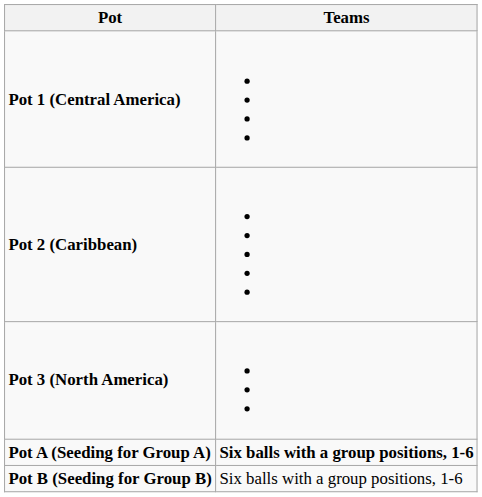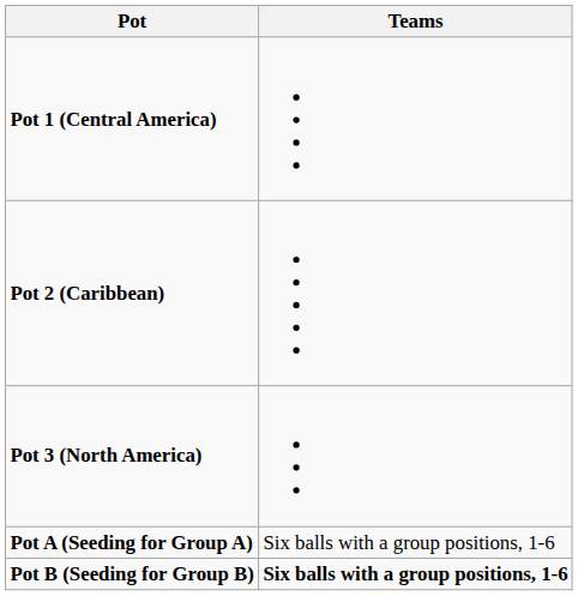 <table class="wikitable">
 <tr>
 <th>Pot</th>
 <th>Teams</th>
 </tr>
 <tr>
 <td><strong>Pot 1 (Central America)</strong></td>
 <td><br><ul><li></li><li></li><li></li><li></li></ul></td>
 </tr>
 <tr>
 <td><strong>Pot 2 (Caribbean)</strong></td>
 <td><br><ul><li></li><li></li><li></li><li></li><li></li></ul></td>
 </tr>
 <tr>
 <td><strong>Pot 3 (North America)</strong></td>
 <td><br><ul><li></li><li></li><li></li></ul></td>
 </tr>
 <tr>
 <td><strong>Pot A (Seeding for Group A)</strong></td>
-<td><strong>Six balls with a group positions, 1-6</strong></td>
+<td>Six balls with a group positions, 1-6</td>
 </tr>
 <tr>
 <td><strong>Pot B (Seeding for Group B)</strong></td>
-<td>Six balls with a group positions, 1-6</td>
+<td><strong>Six balls with a group positions, 1-6</strong></td>
 </tr>
 </table>
